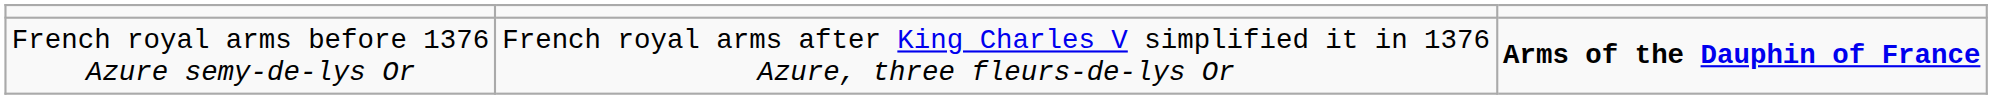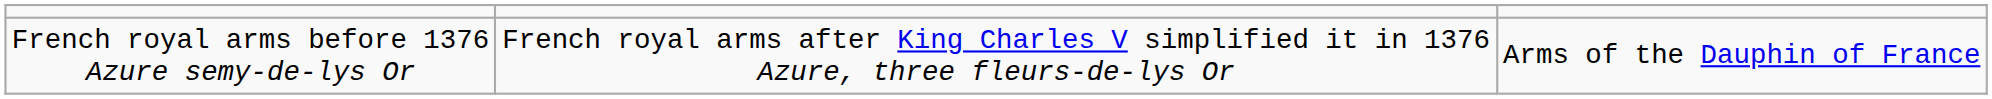 <table class="wikitable" style="margin:1em auto; text-align:center;">
 <tr>
 <td></td>
 <td></td>
 <td></td>
 </tr>
 <tr>
 <td>French royal arms before 1376 <br><em>Azure semy-de-lys Or</em></td>
 <td>French royal arms after <a href='#'>King Charles V</a> simplified it in 1376 <br><em>Azure, three fleurs-de-lys Or</em></td>
-<td><strong>Arms of the <a href='#'>Dauphin of France</a></strong></td>
+<td>Arms of the <a href='#'>Dauphin of France</a></td>
 </tr>
 </table>
